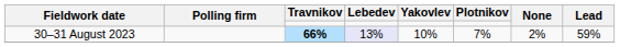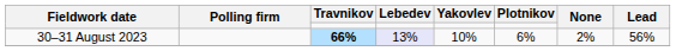 <table class=wikitable style="font-size:95%; line-height:14px; text-align:center">
 <tr>
 <th style=width:200px; rowspan=2>Fieldwork date</th>
 <th style=width:150px; rowspan=2>Polling firm</th>
 <th style="width:60px;">Travnikov</th>
 <th style="width:60px;">Lebedev</th>
 <th style="width:60px;">Yakovlev</th>
 <th style="width:60px;">Plotnikov</th>
 <th style="width:60px;" rowspan=2>None</th>
 <th style="width:60px;" rowspan="2">Lead</th>
 </tr>
 <tr>
 <td bgcolor=></td>
 <td bgcolor=></td>
 <td bgcolor=></td>
 <td bgcolor=></td>
 </tr>
 <tr>
 <td>30–31 August 2023</td>
 <td></td>
 <td style="background:#B3E0FF"><strong>66%</strong></td>
 <td style="background: lavender;">13%</td>
 <td>10%</td>
-<td>7%</td>
+<td>6%</td>
 <td>2%</td>
-<td style="background:">59%</td>
+<td style="background:">56%</td>
 </tr>
 <tr>
 </tr>
 </table>
